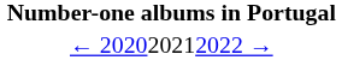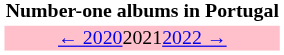 <table class="toc" id="toc" summary="Contents">
 <tr>
 <th>Number-one albums in Portugal</th>
 </tr>
 <tr>
-<td align="center"><a href='#'>← 2020</a>2021<a href='#'>2022 →</a></td>
+<td align="center" style="background: pink;"><a href='#'>← 2020</a>2021<a href='#'>2022 →</a></td>
 </tr>
 </table>
